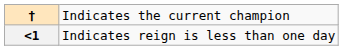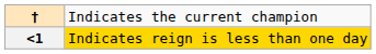 <table class="wikitable">
 <tr>
 <th style="background-color:#ffe6bd" width=50px>†</th>
 <td>Indicates the current champion</td>
 </tr>
 <tr>
 <th><1</th>
-<td>Indicates reign is less than one day</td>
+<td style="background: gold;">Indicates reign is less than one day</td>
 </tr>
 </table>
